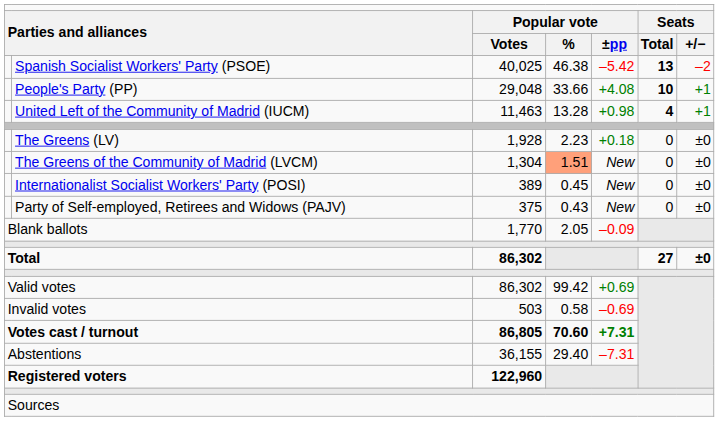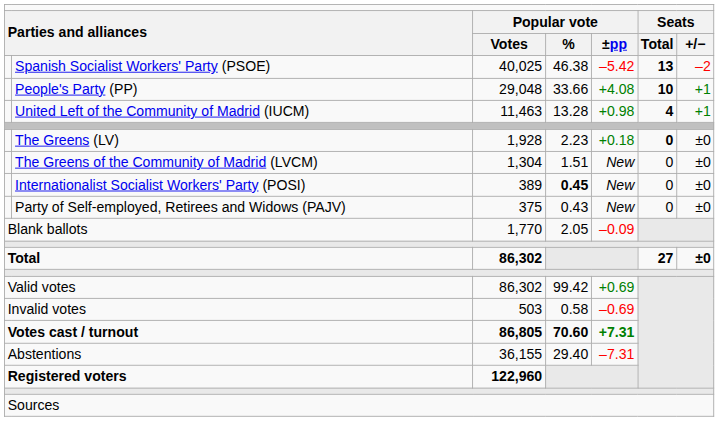 <table class="wikitable" style="text-align:right;">
 <tr>
 <td colspan="7"></td>
 </tr>
 <tr>
 <th style="text-align:left;" rowspan="2" colspan="2" width="525">Parties and alliances</th>
 <th colspan="3">Popular vote</th>
 <th colspan="2">Seats</th>
 </tr>
 <tr>
 <th width="75">Votes</th>
 <th width="45">%</th>
 <th width="45">±<a href='#'>pp</a></th>
 <th width="35">Total</th>
 <th width="35">+/−</th>
 </tr>
 <tr>
 <td width="1" style="color:inherit;background:"></td>
 <td align="left"><a href='#'>Spanish Socialist Workers' Party</a> (PSOE)</td>
 <td>40,025</td>
 <td>46.38</td>
 <td style="color:red;">–5.42</td>
 <td><strong>13</strong></td>
 <td style="color:red;">–2</td>
 </tr>
 <tr>
 <td style="color:inherit;background:"></td>
 <td align="left"><a href='#'>People's Party</a> (PP)</td>
 <td>29,048</td>
 <td>33.66</td>
 <td style="color:green;">+4.08</td>
 <td><strong>10</strong></td>
 <td style="color:green;">+1</td>
 </tr>
 <tr>
 <td style="color:inherit;background:"></td>
 <td align="left"><a href='#'>United Left of the Community of Madrid</a> (IUCM)</td>
 <td>11,463</td>
 <td>13.28</td>
 <td style="color:green;">+0.98</td>
 <td><strong>4</strong></td>
 <td style="color:green;">+1</td>
 </tr>
 <tr>
 <td colspan="7" bgcolor="#C0C0C0"></td>
 </tr>
 <tr>
 <td style="color:inherit;background:"></td>
 <td align="left"><a href='#'>The Greens</a> (LV)</td>
 <td>1,928</td>
 <td>2.23</td>
 <td style="color:green;">+0.18</td>
-<td>0</td>
+<td><strong>0</strong></td>
 <td>±0</td>
 </tr>
 <tr>
 <td style="color:inherit;background:"></td>
 <td align="left"><a href='#'>The Greens of the Community of Madrid</a> (LVCM)</td>
 <td>1,304</td>
-<td style="background: lightsalmon;">1.51</td>
+<td>1.51</td>
 <td><em>New</em></td>
 <td>0</td>
 <td>±0</td>
 </tr>
 <tr>
 <td style="color:inherit;background:"></td>
 <td align="left"><a href='#'>Internationalist Socialist Workers' Party</a> (POSI)</td>
 <td>389</td>
-<td>0.45</td>
+<td><strong>0.45</strong></td>
 <td><em>New</em></td>
 <td>0</td>
 <td>±0</td>
 </tr>
 <tr>
 <td style="color:inherit;background:"></td>
 <td align="left">Party of Self-employed, Retirees and Widows (PAJV)</td>
 <td>375</td>
 <td>0.43</td>
 <td><em>New</em></td>
 <td>0</td>
 <td>±0</td>
 </tr>
 <tr>
 <td align="left" colspan="2">Blank ballots</td>
 <td>1,770</td>
 <td>2.05</td>
 <td style="color:red;">–0.09</td>
 <td bgcolor="#E9E9E9" colspan="2"></td>
 </tr>
 <tr>
 <td colspan="7" bgcolor="#E9E9E9"></td>
 </tr>
 <tr style="font-weight:bold;">
 <td align="left" colspan="2">Total</td>
 <td>86,302</td>
 <td bgcolor="#E9E9E9" colspan="2"></td>
 <td>27</td>
 <td>±0</td>
 </tr>
 <tr>
 <td colspan="7" bgcolor="#E9E9E9"></td>
 </tr>
 <tr>
 <td align="left" colspan="2">Valid votes</td>
 <td>86,302</td>
 <td>99.42</td>
 <td style="color:green;">+0.69</td>
 <td bgcolor="#E9E9E9" colspan="2" rowspan="5"></td>
 </tr>
 <tr>
 <td align="left" colspan="2">Invalid votes</td>
 <td>503</td>
 <td>0.58</td>
 <td style="color:red;">–0.69</td>
 </tr>
 <tr style="font-weight:bold;">
 <td align="left" colspan="2">Votes cast / turnout</td>
 <td>86,805</td>
 <td>70.60</td>
 <td style="color:green;">+7.31</td>
 </tr>
 <tr>
 <td align="left" colspan="2">Abstentions</td>
 <td>36,155</td>
 <td>29.40</td>
 <td style="color:red;">–7.31</td>
 </tr>
 <tr style="font-weight:bold;">
 <td align="left" colspan="2">Registered voters</td>
 <td>122,960</td>
 <td bgcolor="#E9E9E9" colspan="2"></td>
 </tr>
 <tr>
 <td colspan="7" bgcolor="#E9E9E9"></td>
 </tr>
 <tr>
 <td align="left" colspan="7">Sources</td>
 </tr>
 </table>
